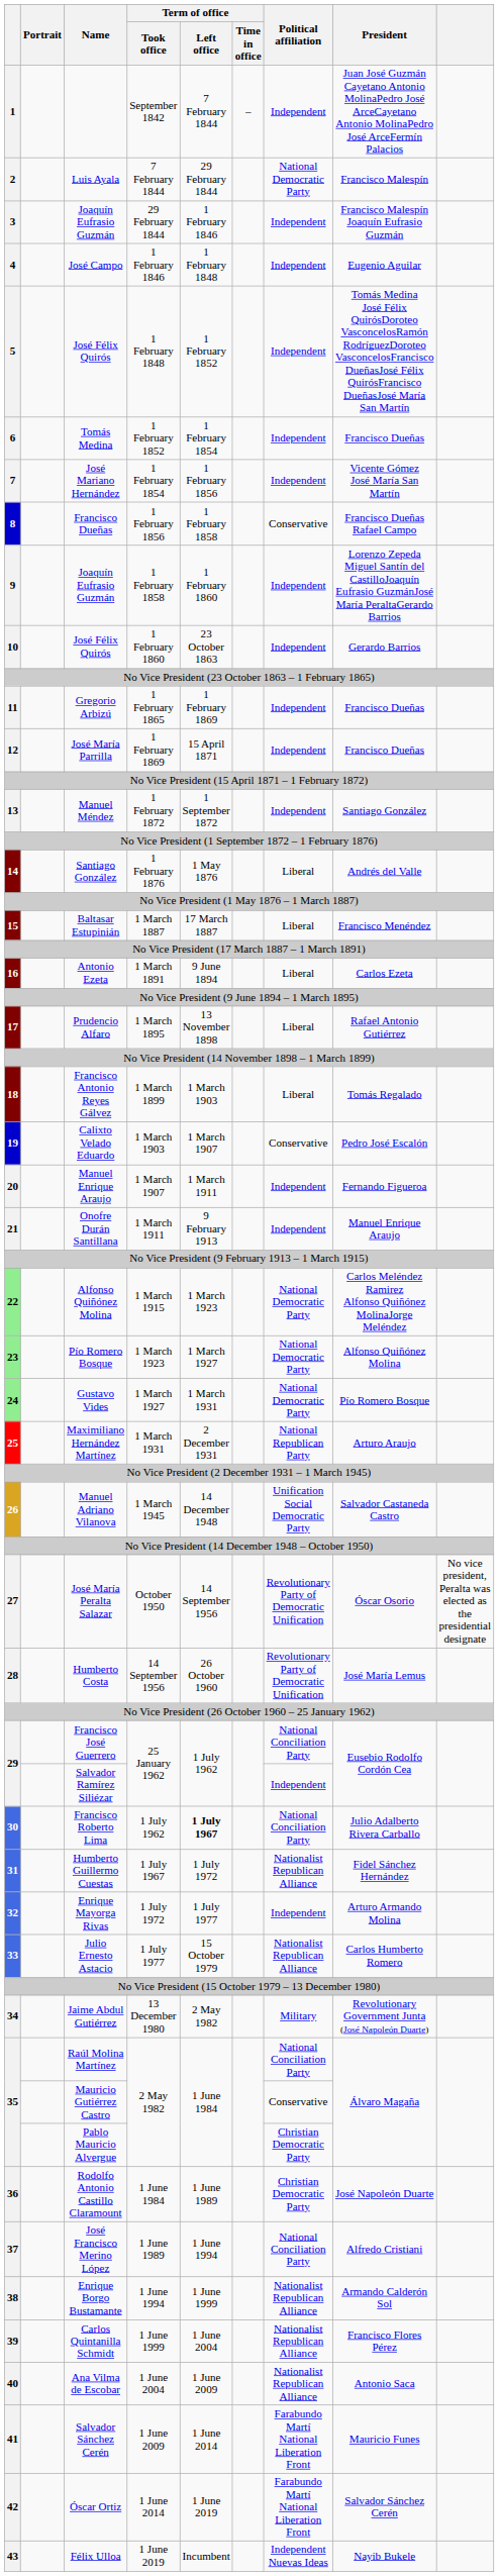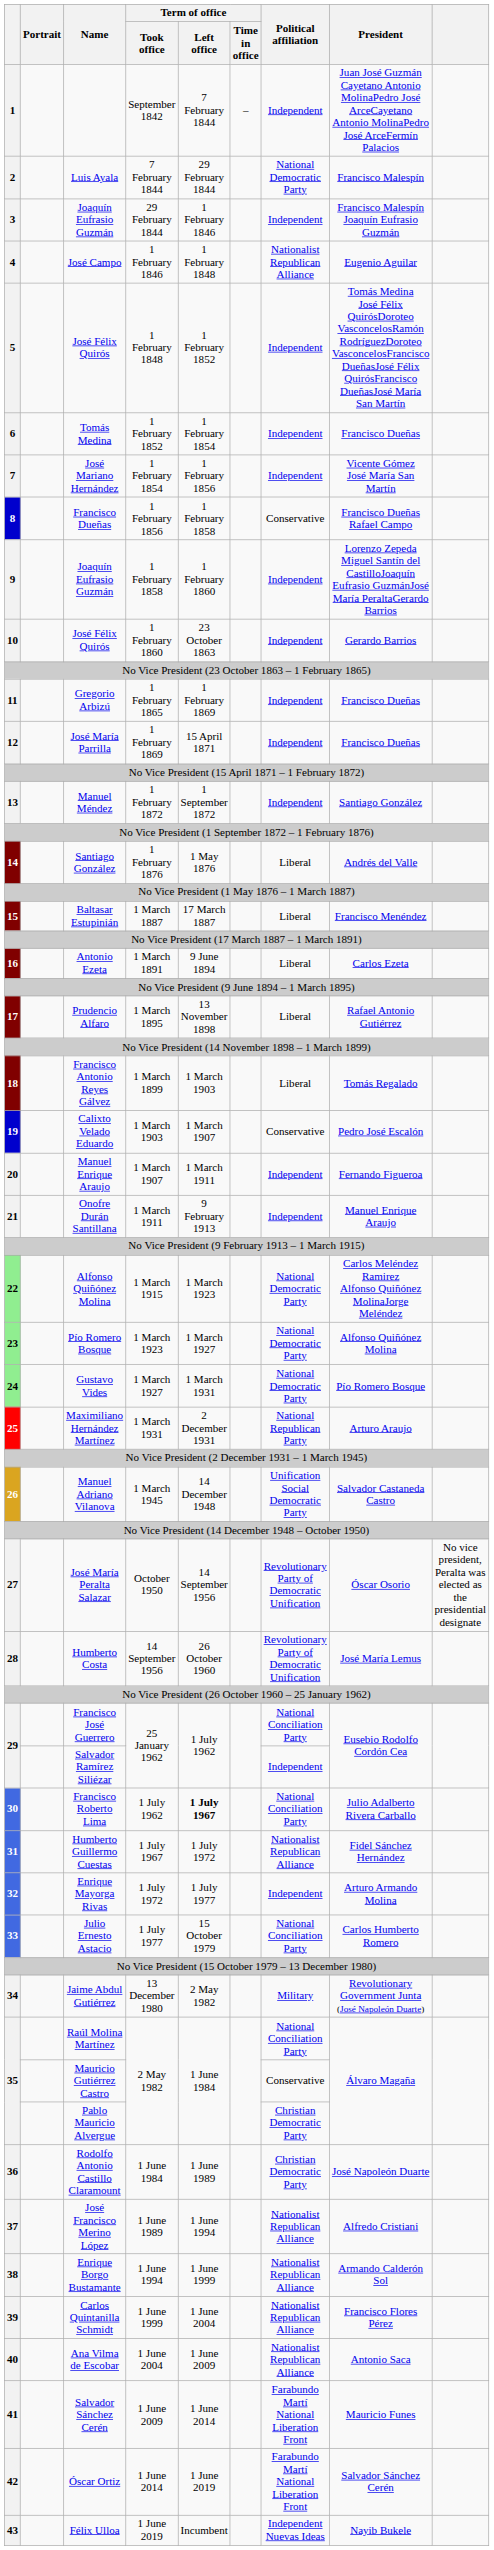 <table class="wikitable" style="text-align:center" width="100%">
 <tr style="background:#cccccc">
 <th rowspan="2"></th>
 <th rowspan="2">Portrait</th>
 <th rowspan="2">Name<br></th>
 <th colspan="3" width="100">Term of office</th>
 <th rowspan="2" width="100">Political affiliation</th>
 <th rowspan="2">President</th>
 <th rowspan=2></th>
 </tr>
 <tr>
 <th>Took office</th>
 <th>Left office</th>
 <th>Time in office</th>
 </tr>
 <tr>
 <th style="background:">1</th>
 <td></td>
 <td><br></td>
 <td>September 1842</td>
 <td>7 February 1844</td>
 <td>–</td>
 <td><a href='#'>Independent</a></td>
 <td><a href='#'>Juan José Guzmán</a><br><a href='#'>Cayetano Antonio Molina</a><a href='#'>Pedro José Arce</a><a href='#'>Cayetano Antonio Molina</a><a href='#'>Pedro José Arce</a><a href='#'>Fermín Palacios</a></td>
 <td></td>
 </tr>
 <tr>
 <th style="background:">2</th>
 <td></td>
 <td><a href='#'>Luis Ayala</a><br></td>
 <td>7 February 1844</td>
 <td>29 February 1844</td>
 <td></td>
 <td><a href='#'>National Democratic Party</a></td>
 <td><a href='#'>Francisco Malespín</a></td>
 <td></td>
 </tr>
 <tr>
 <th style="background:">3</th>
 <td></td>
 <td><a href='#'>Joaquín Eufrasio Guzmán</a><br></td>
 <td>29 February 1844</td>
 <td>1 February 1846</td>
 <td></td>
 <td><a href='#'>Independent</a></td>
 <td><a href='#'>Francisco Malespín</a><br><a href='#'>Joaquín Eufrasio Guzmán</a></td>
 <td></td>
 </tr>
 <tr>
 <th style="background:">4</th>
 <td></td>
 <td><a href='#'>José Campo</a><br></td>
 <td>1 February 1846</td>
 <td>1 February 1848</td>
 <td></td>
-<td><a href='#'>Independent</a></td>
+<td><a href='#'>Nationalist Republican Alliance</a></td>
 <td><a href='#'>Eugenio Aguilar</a></td>
 <td></td>
 </tr>
 <tr>
 <th style="background:">5</th>
 <td></td>
 <td><a href='#'>José Félix Quirós</a><br></td>
 <td>1 February 1848</td>
 <td>1 February 1852</td>
 <td></td>
 <td><a href='#'>Independent</a></td>
 <td><a href='#'>Tomás Medina</a><br><a href='#'>José Félix Quirós</a><a href='#'>Doroteo Vasconcelos</a><a href='#'>Ramón Rodríguez</a><a href='#'>Doroteo Vasconcelos</a><a href='#'>Francisco Dueñas</a><a href='#'>José Félix Quirós</a><a href='#'>Francisco Dueñas</a><a href='#'>José María San Martín</a></td>
 <td></td>
 </tr>
 <tr>
 <th style="background:">6</th>
 <td></td>
 <td><a href='#'>Tomás Medina</a><br></td>
 <td>1 February 1852</td>
 <td>1 February 1854</td>
 <td></td>
 <td><a href='#'>Independent</a></td>
 <td><a href='#'>Francisco Dueñas</a></td>
 <td></td>
 </tr>
 <tr>
 <th style="background:">7</th>
 <td></td>
 <td><a href='#'>José Mariano Hernández</a><br></td>
 <td>1 February 1854</td>
 <td>1 February 1856</td>
 <td></td>
 <td><a href='#'>Independent</a></td>
 <td><a href='#'>Vicente Gómez</a><br><a href='#'>José María San Martín</a></td>
 <td></td>
 </tr>
 <tr>
 <th style="background:#0000CD; color:white">8</th>
 <td></td>
 <td><a href='#'>Francisco Dueñas</a><br></td>
 <td>1 February 1856</td>
 <td>1 February 1858</td>
 <td></td>
 <td>Conservative</td>
 <td><a href='#'>Francisco Dueñas</a><br><a href='#'>Rafael Campo</a></td>
 <td></td>
 </tr>
 <tr>
 <th style="background:">9</th>
 <td></td>
 <td><a href='#'>Joaquín Eufrasio Guzmán</a><br></td>
 <td>1 February 1858</td>
 <td>1 February 1860</td>
 <td></td>
 <td><a href='#'>Independent</a></td>
 <td><a href='#'>Lorenzo Zepeda</a><br><a href='#'>Miguel Santín del Castillo</a><a href='#'>Joaquín Eufrasio Guzmán</a><a href='#'>José María Peralta</a><a href='#'>Gerardo Barrios</a></td>
 <td></td>
 </tr>
 <tr>
 <th style="background:">10</th>
 <td></td>
 <td><a href='#'>José Félix Quirós</a><br></td>
 <td>1 February 1860</td>
 <td>23 October 1863</td>
 <td></td>
 <td><a href='#'>Independent</a></td>
 <td><a href='#'>Gerardo Barrios</a></td>
 <td></td>
 </tr>
 <tr>
 <td style="background:#ccc" colspan=9>No Vice President (23 October 1863 – 1 February 1865)</td>
 </tr>
 <tr>
 <th style="background:">11</th>
 <td></td>
 <td><a href='#'>Gregorio Arbizú</a><br></td>
 <td>1 February 1865</td>
 <td>1 February 1869</td>
 <td></td>
 <td><a href='#'>Independent</a></td>
 <td><a href='#'>Francisco Dueñas</a></td>
 <td></td>
 </tr>
 <tr>
 <th style="background:">12</th>
 <td></td>
 <td><a href='#'>José María Parrilla</a><br></td>
 <td>1 February 1869</td>
 <td>15 April 1871</td>
 <td></td>
 <td><a href='#'>Independent</a></td>
 <td><a href='#'>Francisco Dueñas</a></td>
 <td></td>
 </tr>
 <tr>
 <td style="background:#ccc" colspan=9>No Vice President (15 April 1871 – 1 February 1872)</td>
 </tr>
 <tr>
 <th style="background:">13</th>
 <td></td>
 <td><a href='#'>Manuel Méndez</a><br></td>
 <td>1 February 1872</td>
 <td>1 September 1872</td>
 <td></td>
 <td><a href='#'>Independent</a></td>
 <td><a href='#'>Santiago González</a></td>
 <td></td>
 </tr>
 <tr>
 <td style="background:#ccc" colspan=9>No Vice President (1 September 1872 – 1 February 1876)</td>
 </tr>
 <tr>
 <th style="background:Maroon; color:white">14</th>
 <td></td>
 <td><a href='#'>Santiago González</a><br></td>
 <td>1 February 1876</td>
 <td>1 May 1876</td>
 <td></td>
 <td>Liberal</td>
 <td><a href='#'>Andrés del Valle</a></td>
 <td></td>
 </tr>
 <tr>
 <td style="background:#ccc" colspan=9>No Vice President (1 May 1876 – 1 March 1887)</td>
 </tr>
 <tr>
 <th style="background:Maroon; color:white">15</th>
 <td></td>
 <td><a href='#'>Baltasar Estupinián</a><br></td>
 <td>1 March 1887</td>
 <td>17 March 1887</td>
 <td></td>
 <td>Liberal</td>
 <td><a href='#'>Francisco Menéndez</a></td>
 <td></td>
 </tr>
 <tr>
 <td style="background:#ccc" colspan=9>No Vice President (17 March 1887 – 1 March 1891)</td>
 </tr>
 <tr>
 <th style="background:Maroon; color:white">16</th>
 <td></td>
 <td><a href='#'>Antonio Ezeta</a><br></td>
 <td>1 March 1891</td>
 <td>9 June 1894</td>
 <td></td>
 <td>Liberal</td>
 <td><a href='#'>Carlos Ezeta</a></td>
 <td></td>
 </tr>
 <tr>
 <td style="background:#ccc" colspan=9>No Vice President (9 June 1894 – 1 March 1895)</td>
 </tr>
 <tr>
 <th style="background:Maroon; color:white">17</th>
 <td></td>
 <td><a href='#'>Prudencio Alfaro</a><br></td>
 <td>1 March 1895</td>
 <td>13 November 1898</td>
 <td></td>
 <td>Liberal</td>
 <td><a href='#'>Rafael Antonio Gutiérrez</a></td>
 <td></td>
 </tr>
 <tr>
 <td style="background:#ccc" colspan=9>No Vice President (14 November 1898 – 1 March 1899)</td>
 </tr>
 <tr>
 <th style="background:Maroon; color:white">18</th>
 <td></td>
 <td><a href='#'>Francisco Antonio Reyes Gálvez</a><br></td>
 <td>1 March 1899</td>
 <td>1 March 1903</td>
 <td></td>
 <td>Liberal</td>
 <td><a href='#'>Tomás Regalado</a></td>
 <td></td>
 </tr>
 <tr>
 <th style="background:#0000CD; color:white">19</th>
 <td></td>
 <td><a href='#'>Calixto Velado Eduardo</a><br></td>
 <td>1 March 1903</td>
 <td>1 March 1907</td>
 <td></td>
 <td>Conservative</td>
 <td><a href='#'>Pedro José Escalón</a></td>
 <td></td>
 </tr>
 <tr>
 <th style="background:">20</th>
 <td></td>
 <td><a href='#'>Manuel Enrique Araujo</a><br></td>
 <td>1 March 1907</td>
 <td>1 March 1911</td>
 <td></td>
 <td><a href='#'>Independent</a></td>
 <td><a href='#'>Fernando Figueroa</a></td>
 <td></td>
 </tr>
 <tr>
 <th style="background:">21</th>
 <td></td>
 <td><a href='#'>Onofre Durán Santillana</a><br></td>
 <td>1 March 1911</td>
 <td>9 February 1913</td>
 <td></td>
 <td><a href='#'>Independent</a></td>
 <td><a href='#'>Manuel Enrique Araujo</a></td>
 <td></td>
 </tr>
 <tr>
 <td style="background:#ccc" colspan=9>No Vice President (9 February 1913 – 1 March 1915)</td>
 </tr>
 <tr>
 <th style="background:#90EE90; color:black">22</th>
 <td></td>
 <td><a href='#'>Alfonso Quiñónez Molina</a><br></td>
 <td>1 March 1915</td>
 <td>1 March 1923</td>
 <td></td>
 <td><a href='#'>National Democratic Party</a></td>
 <td><a href='#'>Carlos Meléndez Ramirez</a><br><a href='#'>Alfonso Quiñónez Molina</a><a href='#'>Jorge Meléndez</a></td>
 <td></td>
 </tr>
 <tr>
 <th style="background:#90EE90; color:black">23</th>
 <td></td>
 <td><a href='#'>Pío Romero Bosque</a><br></td>
 <td>1 March 1923</td>
 <td>1 March 1927</td>
 <td></td>
 <td><a href='#'>National Democratic Party</a></td>
 <td><a href='#'>Alfonso Quiñónez Molina</a></td>
 <td></td>
 </tr>
 <tr>
 <th style="background:#90EE90; color:black">24</th>
 <td></td>
 <td><a href='#'>Gustavo Vides</a><br></td>
 <td>1 March 1927</td>
 <td>1 March 1931</td>
 <td></td>
 <td><a href='#'>National Democratic Party</a></td>
 <td><a href='#'>Pío Romero Bosque</a></td>
 <td></td>
 </tr>
 <tr>
 <th style="background:#FF0000; color:white">25</th>
 <td></td>
 <td><a href='#'>Maximiliano Hernández Martínez</a><br></td>
 <td>1 March 1931</td>
 <td>2 December 1931</td>
 <td></td>
 <td><a href='#'>National Republican Party</a></td>
 <td><a href='#'>Arturo Araujo</a></td>
 <td></td>
 </tr>
 <tr>
 <td style="background:#ccc" colspan=9>No Vice President (2 December 1931 – 1 March 1945)</td>
 </tr>
 <tr>
 <th style="background:#DAA520; color:white">26</th>
 <td></td>
 <td><a href='#'>Manuel Adriano Vilanova</a><br></td>
 <td>1 March 1945</td>
 <td>14 December 1948</td>
 <td></td>
 <td><a href='#'>Unification Social Democratic Party</a></td>
 <td><a href='#'>Salvador Castaneda Castro</a></td>
 <td></td>
 </tr>
 <tr>
 <td style="background:#ccc" colspan=9>No Vice President (14 December 1948 – October 1950)</td>
 </tr>
 <tr>
 <th style="background:">27</th>
 <td></td>
 <td><a href='#'>José María Peralta Salazar</a><br></td>
 <td>October 1950</td>
 <td>14 September 1956</td>
 <td></td>
 <td><a href='#'>Revolutionary Party of Democratic Unification</a></td>
 <td><a href='#'>Óscar Osorio</a></td>
 <td>No vice president, Peralta was elected as the presidential designate</td>
 </tr>
 <tr>
 <th style="background:">28</th>
 <td></td>
 <td><a href='#'>Humberto Costa</a><br></td>
 <td>14 September 1956</td>
 <td>26 October 1960</td>
 <td></td>
 <td><a href='#'>Revolutionary Party of Democratic Unification</a></td>
 <td><a href='#'>José María Lemus</a></td>
 <td></td>
 </tr>
 <tr>
 <td style="background:#ccc" colspan=9>No Vice President (26 October 1960 – 25 January 1962)</td>
 </tr>
 <tr>
 <th rowspan=2 style="background:">29</th>
 <td></td>
 <td><a href='#'>Francisco José Guerrero</a><br></td>
 <td rowspan=2>25 January 1962</td>
 <td rowspan=2>1 July 1962</td>
 <td rowspan=2></td>
 <td><a href='#'>National Conciliation Party</a></td>
 <td rowspan=2><a href='#'>Eusebio Rodolfo Cordón Cea</a></td>
 <td rowspan=2></td>
 </tr>
 <tr>
 <td></td>
 <td><a href='#'>Salvador Ramírez Siliézar</a><br></td>
 <td><a href='#'>Independent</a></td>
 </tr>
 <tr>
 <th style="background:#4169E1; color:white">30</th>
 <td></td>
 <td><a href='#'>Francisco Roberto Lima</a><br></td>
 <td>1 July 1962</td>
 <td><strong>1 July 1967</strong></td>
 <td></td>
 <td><a href='#'>National Conciliation Party</a></td>
 <td><a href='#'>Julio Adalberto Rivera Carballo</a></td>
 <td></td>
 </tr>
 <tr>
 <th style="background:#4169E1; color:white">31</th>
 <td></td>
 <td><a href='#'>Humberto Guillermo Cuestas</a><br></td>
 <td>1 July 1967</td>
 <td>1 July 1972</td>
 <td></td>
 <td><a href='#'>Nationalist Republican Alliance</a></td>
 <td><a href='#'>Fidel Sánchez Hernández</a></td>
 <td></td>
 </tr>
 <tr>
 <th style="background:#4169E1; color:white">32</th>
 <td></td>
 <td><a href='#'>Enrique Mayorga Rivas</a><br></td>
 <td>1 July 1972</td>
 <td>1 July 1977</td>
 <td></td>
 <td><a href='#'>Independent</a></td>
 <td><a href='#'>Arturo Armando Molina</a></td>
 <td></td>
 </tr>
 <tr>
 <th style="background:#4169E1; color:white">33</th>
 <td></td>
 <td><a href='#'>Julio Ernesto Astacio</a><br></td>
 <td>1 July 1977</td>
 <td>15 October 1979</td>
 <td></td>
-<td><a href='#'>Nationalist Republican Alliance</a></td>
+<td><a href='#'>National Conciliation Party</a></td>
 <td><a href='#'>Carlos Humberto Romero</a></td>
 <td></td>
 </tr>
 <tr>
 <td style="background:#ccc" colspan=9>No Vice President (15 October 1979 – 13 December 1980)</td>
 </tr>
 <tr>
 <th style="background:">34</th>
 <td></td>
 <td><a href='#'>Jaime Abdul Gutiérrez</a><br></td>
 <td>13 December 1980</td>
 <td>2 May 1982</td>
 <td></td>
 <td><a href='#'>Military</a></td>
 <td><a href='#'>Revolutionary Government Junta</a><br><small>(<a href='#'>José Napoleón Duarte</a>)</small></td>
 <td></td>
 </tr>
 <tr>
 <th rowspan=3 style="background:">35</th>
 <td></td>
 <td><a href='#'>Raúl Molina Martínez</a><br></td>
 <td rowspan=3>2 May 1982</td>
 <td rowspan=3>1 June 1984</td>
 <td rowspan=3></td>
 <td><a href='#'>National Conciliation Party</a></td>
 <td rowspan=3><a href='#'>Álvaro Magaña</a></td>
 <td rowspan=3></td>
 </tr>
 <tr>
 <td></td>
 <td><a href='#'>Mauricio Gutiérrez Castro</a><br></td>
 <td>Conservative</td>
 </tr>
 <tr>
 <td></td>
 <td><a href='#'>Pablo Mauricio Alvergue</a><br></td>
 <td><a href='#'>Christian Democratic Party</a></td>
 </tr>
 <tr>
 <th style="background:">36</th>
 <td></td>
 <td><a href='#'>Rodolfo Antonio Castillo Claramount</a><br></td>
 <td>1 June 1984</td>
 <td>1 June 1989</td>
 <td></td>
 <td><a href='#'>Christian Democratic Party</a></td>
 <td><a href='#'>José Napoleón Duarte</a></td>
 <td></td>
 </tr>
 <tr>
 <th style="background:">37</th>
 <td></td>
 <td><a href='#'>José Francisco Merino López</a><br></td>
 <td>1 June 1989</td>
 <td>1 June 1994</td>
 <td></td>
-<td><a href='#'>National Conciliation Party</a></td>
+<td><a href='#'>Nationalist Republican Alliance</a></td>
 <td><a href='#'>Alfredo Cristiani</a></td>
 <td></td>
 </tr>
 <tr>
 <th style="background:">38</th>
 <td></td>
 <td><a href='#'>Enrique Borgo Bustamante</a><br></td>
 <td>1 June 1994</td>
 <td>1 June 1999</td>
 <td></td>
 <td><a href='#'>Nationalist Republican Alliance</a></td>
 <td><a href='#'>Armando Calderón Sol</a></td>
 <td></td>
 </tr>
 <tr>
 <th style="background:">39</th>
 <td></td>
 <td><a href='#'>Carlos Quintanilla Schmidt</a><br></td>
 <td>1 June 1999</td>
 <td>1 June 2004</td>
 <td></td>
 <td><a href='#'>Nationalist Republican Alliance</a></td>
 <td><a href='#'>Francisco Flores Pérez</a></td>
 <td></td>
 </tr>
 <tr>
 <th style="background:">40</th>
 <td></td>
 <td><a href='#'>Ana Vilma de Escobar</a><br></td>
 <td>1 June 2004</td>
 <td>1 June 2009</td>
 <td></td>
 <td><a href='#'>Nationalist Republican Alliance</a></td>
 <td><a href='#'>Antonio Saca</a></td>
 <td></td>
 </tr>
 <tr>
 <th style="background:">41</th>
 <td></td>
 <td><a href='#'>Salvador Sánchez Cerén</a><br></td>
 <td>1 June 2009</td>
 <td>1 June 2014</td>
 <td></td>
 <td><a href='#'>Farabundo Martí National Liberation Front</a></td>
 <td><a href='#'>Mauricio Funes</a></td>
 <td></td>
 </tr>
 <tr>
 <th style="background:">42</th>
 <td></td>
 <td><a href='#'>Óscar Ortiz</a><br></td>
 <td>1 June 2014</td>
 <td>1 June 2019</td>
 <td></td>
 <td><a href='#'>Farabundo Martí National Liberation Front</a></td>
 <td><a href='#'>Salvador Sánchez Cerén</a></td>
 <td></td>
 </tr>
 <tr>
 <th style="background:">43</th>
 <td></td>
 <td><a href='#'>Félix Ulloa</a><br></td>
 <td>1 June 2019</td>
 <td>Incumbent</td>
 <td></td>
 <td><a href='#'>Independent</a><br><a href='#'>Nuevas Ideas</a></td>
 <td><a href='#'>Nayib Bukele</a></td>
 <td></td>
 </tr>
 </table>
